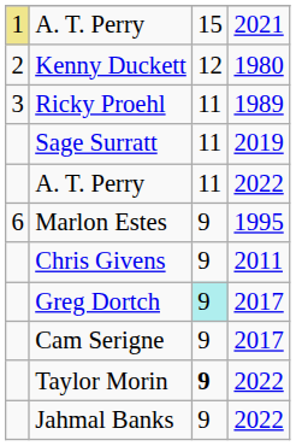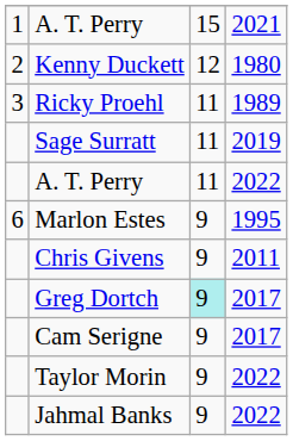 <table class="wikitable">
 <tr>
 </tr>
 <tr>
-<td style="background: khaki;">1</td>
+<td>1</td>
 <td>A. T. Perry</td>
 <td>15</td>
 <td><a href='#'>2021</a></td>
 </tr>
 <tr>
 <td>2</td>
 <td><a href='#'>Kenny Duckett</a></td>
 <td>12</td>
 <td><a href='#'>1980</a></td>
 </tr>
 <tr>
 <td>3</td>
 <td><a href='#'>Ricky Proehl</a></td>
 <td>11</td>
 <td><a href='#'>1989</a></td>
 </tr>
 <tr>
 <td></td>
 <td><a href='#'>Sage Surratt</a></td>
 <td>11</td>
 <td><a href='#'>2019</a></td>
 </tr>
 <tr>
 <td></td>
 <td>A. T. Perry</td>
 <td>11</td>
 <td><a href='#'>2022</a></td>
 </tr>
 <tr>
 <td>6</td>
 <td>Marlon Estes</td>
 <td>9</td>
 <td><a href='#'>1995</a></td>
 </tr>
 <tr>
 <td></td>
 <td><a href='#'>Chris Givens</a></td>
 <td>9</td>
 <td><a href='#'>2011</a></td>
 </tr>
 <tr>
 <td></td>
 <td><a href='#'>Greg Dortch</a></td>
 <td style="background: paleturquoise;">9</td>
 <td><a href='#'>2017</a></td>
 </tr>
 <tr>
 <td></td>
 <td>Cam Serigne</td>
 <td>9</td>
 <td><a href='#'>2017</a></td>
 </tr>
 <tr>
 <td></td>
 <td>Taylor Morin</td>
-<td><strong>9</strong></td>
+<td>9</td>
 <td><a href='#'>2022</a></td>
 </tr>
 <tr>
 <td></td>
 <td>Jahmal Banks</td>
 <td>9</td>
 <td><a href='#'>2022</a></td>
 </tr>
 </table>
